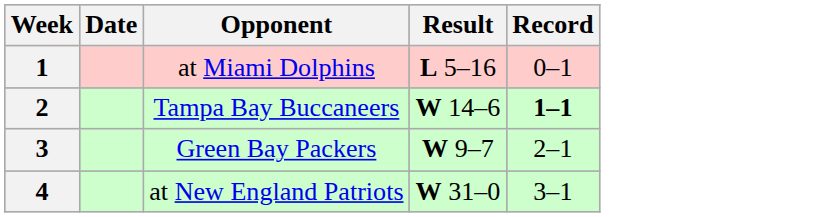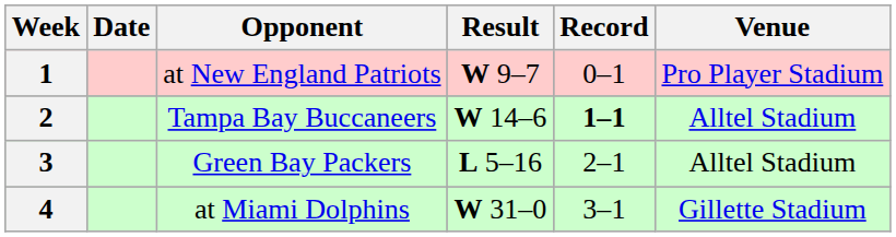 <table class="wikitable" style="text-align:center">
 <tr>
 <th>Week</th>
 <th>Date</th>
 <th>Opponent</th>
 <th>Result</th>
 <th>Record</th>
+<th>Venue</th>
 </tr>
 <tr style="background:#fcc">
 <th>1</th>
 <td></td>
-<td>at <a href='#'>Miami Dolphins</a></td>
-<td><strong>L</strong> 5–16</td>
+<td>at <a href='#'>New England Patriots</a></td>
+<td><strong>W</strong> 9–7</td>
 <td>0–1</td>
+<td><a href='#'>Pro Player Stadium</a></td>
 </tr>
 <tr style="background:#cfc">
 <th>2</th>
 <td></td>
 <td><a href='#'>Tampa Bay Buccaneers</a></td>
 <td><strong>W</strong> 14–6</td>
 <td><strong>1–1</strong></td>
+<td><a href='#'>Alltel Stadium</a></td>
 </tr>
 <tr style="background:#cfc">
 <th>3</th>
 <td></td>
 <td><a href='#'>Green Bay Packers</a></td>
-<td><strong>W</strong> 9–7</td>
+<td><strong>L</strong> 5–16</td>
 <td>2–1</td>
+<td>Alltel Stadium</td>
 </tr>
 <tr style="background:#cfc">
 <th>4</th>
 <td></td>
-<td>at <a href='#'>New England Patriots</a></td>
+<td>at <a href='#'>Miami Dolphins</a></td>
 <td><strong>W</strong> 31–0</td>
 <td>3–1</td>
+<td><a href='#'>Gillette Stadium</a></td>
 </tr>
 </table>
